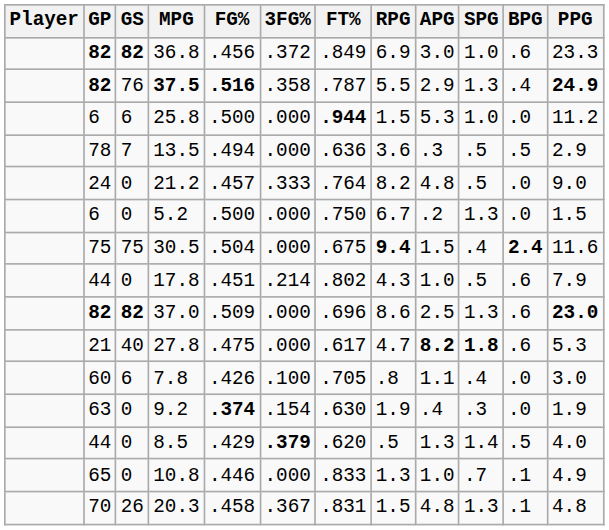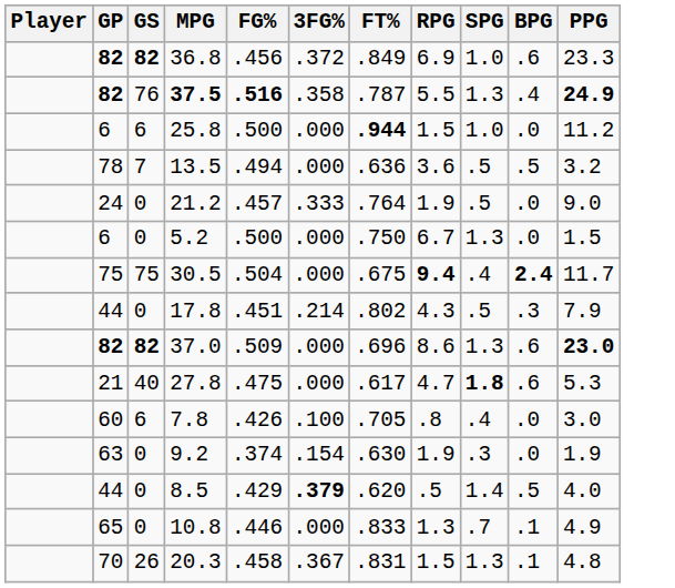 <table class="wikitable sortable" style="font-size: 90%">
 <tr>
 <th>Player</th>
 <th>GP</th>
 <th>GS</th>
 <th>MPG</th>
 <th>FG%</th>
 <th>3FG%</th>
 <th>FT%</th>
 <th>RPG</th>
-<th>APG</th>
 <th>SPG</th>
 <th>BPG</th>
 <th>PPG</th>
 </tr>
 <tr>
 <td></td>
 <td><strong>82</strong></td>
 <td><strong>82</strong></td>
 <td>36.8</td>
 <td>.456</td>
 <td>.372</td>
 <td>.849</td>
 <td>6.9</td>
-<td>3.0</td>
 <td>1.0</td>
 <td>.6</td>
 <td>23.3</td>
 </tr>
 <tr>
 <td></td>
 <td><strong>82</strong></td>
 <td>76</td>
 <td><strong>37.5</strong></td>
 <td><strong>.516</strong></td>
 <td>.358</td>
 <td>.787</td>
 <td>5.5</td>
-<td>2.9</td>
 <td>1.3</td>
 <td>.4</td>
 <td><strong>24.9</strong></td>
 </tr>
 <tr>
 <td></td>
 <td>6</td>
 <td>6</td>
 <td>25.8</td>
 <td>.500</td>
 <td>.000</td>
 <td><strong>.944</strong></td>
 <td>1.5</td>
-<td>5.3</td>
 <td>1.0</td>
 <td>.0</td>
 <td>11.2</td>
 </tr>
 <tr>
 <td></td>
 <td>78</td>
 <td>7</td>
 <td>13.5</td>
 <td>.494</td>
 <td>.000</td>
 <td>.636</td>
 <td>3.6</td>
-<td>.3</td>
 <td>.5</td>
 <td>.5</td>
-<td>2.9</td>
+<td>3.2</td>
 </tr>
 <tr>
 <td></td>
 <td>24</td>
 <td>0</td>
 <td>21.2</td>
 <td>.457</td>
 <td>.333</td>
 <td>.764</td>
-<td>8.2</td>
-<td>4.8</td>
+<td>1.9</td>
 <td>.5</td>
 <td>.0</td>
 <td>9.0</td>
 </tr>
 <tr>
 <td></td>
 <td>6</td>
 <td>0</td>
 <td>5.2</td>
 <td>.500</td>
 <td>.000</td>
 <td>.750</td>
 <td>6.7</td>
-<td>.2</td>
 <td>1.3</td>
 <td>.0</td>
 <td>1.5</td>
 </tr>
 <tr>
 <td></td>
 <td>75</td>
 <td>75</td>
 <td>30.5</td>
 <td>.504</td>
 <td>.000</td>
 <td>.675</td>
 <td><strong>9.4</strong></td>
-<td>1.5</td>
 <td>.4</td>
 <td><strong>2.4</strong></td>
-<td>11.6</td>
+<td>11.7</td>
 </tr>
 <tr>
 <td></td>
 <td>44</td>
 <td>0</td>
 <td>17.8</td>
 <td>.451</td>
 <td>.214</td>
 <td>.802</td>
 <td>4.3</td>
-<td>1.0</td>
 <td>.5</td>
-<td>.6</td>
+<td>.3</td>
 <td>7.9</td>
 </tr>
 <tr>
 <td></td>
 <td><strong>82</strong></td>
 <td><strong>82</strong></td>
 <td>37.0</td>
 <td>.509</td>
 <td>.000</td>
 <td>.696</td>
 <td>8.6</td>
-<td>2.5</td>
 <td>1.3</td>
 <td>.6</td>
 <td><strong>23.0</strong></td>
 </tr>
 <tr>
 <td></td>
 <td>21</td>
 <td>40</td>
 <td>27.8</td>
 <td>.475</td>
 <td>.000</td>
 <td>.617</td>
 <td>4.7</td>
-<td><strong>8.2</strong></td>
 <td><strong>1.8</strong></td>
 <td>.6</td>
 <td>5.3</td>
 </tr>
 <tr>
 <td></td>
 <td>60</td>
 <td>6</td>
 <td>7.8</td>
 <td>.426</td>
 <td>.100</td>
 <td>.705</td>
 <td>.8</td>
-<td>1.1</td>
 <td>.4</td>
 <td>.0</td>
 <td>3.0</td>
 </tr>
 <tr>
 <td></td>
 <td>63</td>
 <td>0</td>
 <td>9.2</td>
-<td><strong>.374</strong></td>
+<td>.374</td>
 <td>.154</td>
 <td>.630</td>
 <td>1.9</td>
-<td>.4</td>
 <td>.3</td>
 <td>.0</td>
 <td>1.9</td>
 </tr>
 <tr>
 <td></td>
 <td>44</td>
 <td>0</td>
 <td>8.5</td>
 <td>.429</td>
 <td><strong>.379</strong></td>
 <td>.620</td>
 <td>.5</td>
-<td>1.3</td>
 <td>1.4</td>
 <td>.5</td>
 <td>4.0</td>
 </tr>
 <tr>
 <td></td>
 <td>65</td>
 <td>0</td>
 <td>10.8</td>
 <td>.446</td>
 <td>.000</td>
 <td>.833</td>
 <td>1.3</td>
-<td>1.0</td>
 <td>.7</td>
 <td>.1</td>
 <td>4.9</td>
 </tr>
 <tr>
 <td></td>
 <td>70</td>
 <td>26</td>
 <td>20.3</td>
 <td>.458</td>
 <td>.367</td>
 <td>.831</td>
 <td>1.5</td>
-<td>4.8</td>
 <td>1.3</td>
 <td>.1</td>
 <td>4.8</td>
 </tr>
 </table>
